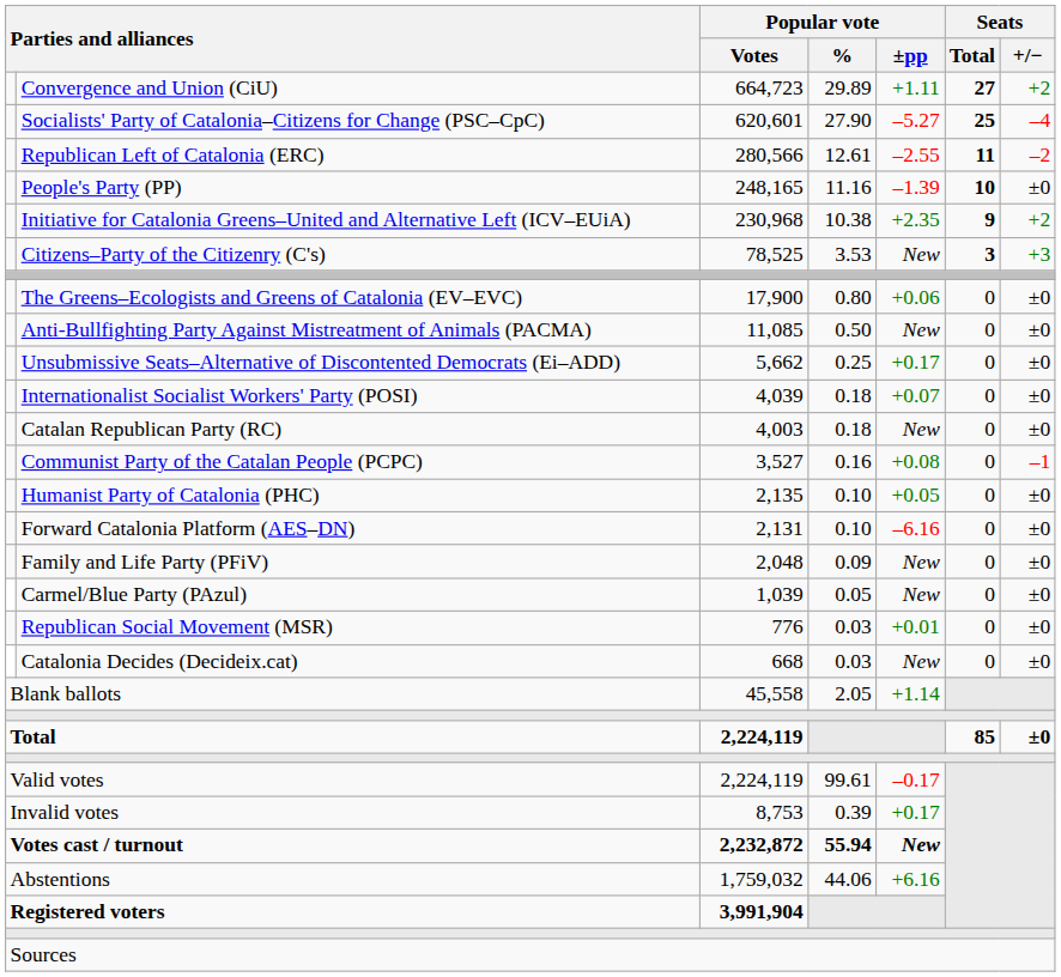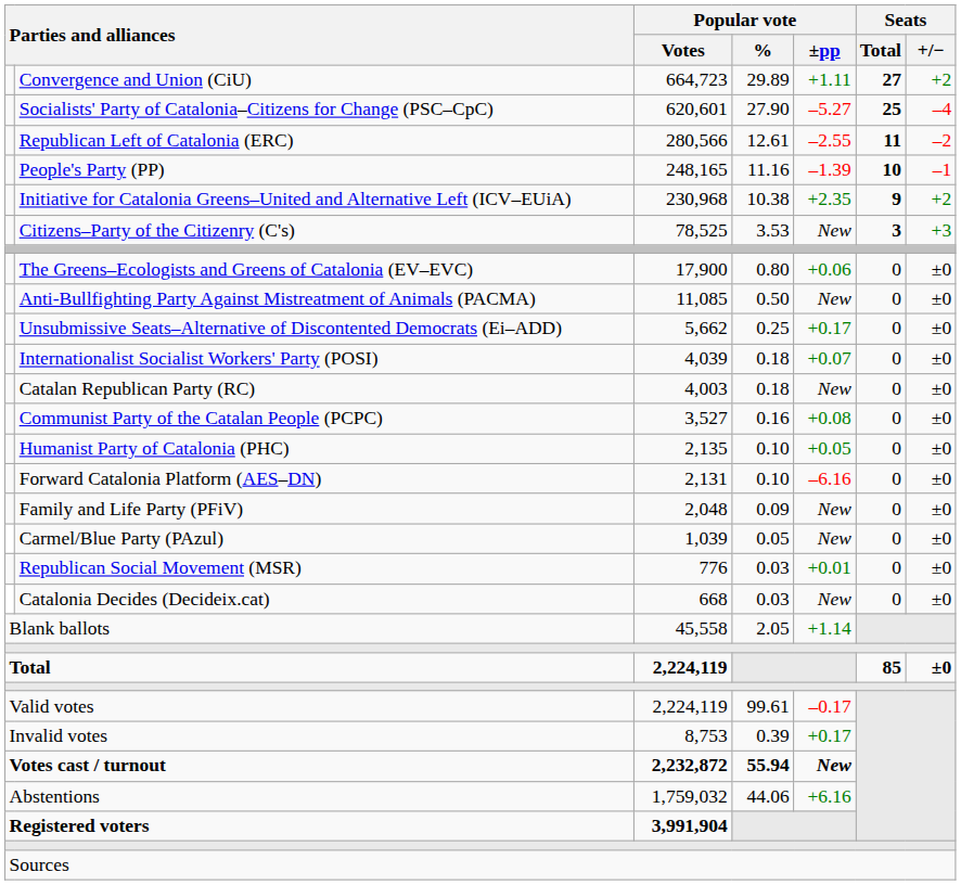 <table class="wikitable" style="text-align:right;">
 <tr>
 <th style="text-align:left;" rowspan="2" colspan="2" width="525">Parties and alliances</th>
 <th colspan="3">Popular vote</th>
 <th colspan="2">Seats</th>
 </tr>
 <tr>
 <th width="75">Votes</th>
 <th width="45">%</th>
 <th width="45">±<a href='#'>pp</a></th>
 <th width="35">Total</th>
 <th width="35">+/−</th>
 </tr>
 <tr>
 <td width="1" style="color:inherit;background:"></td>
 <td align="left"><a href='#'>Convergence and Union</a> (CiU)</td>
 <td>664,723</td>
 <td>29.89</td>
 <td style="color:green;">+1.11</td>
 <td><strong>27</strong></td>
 <td style="color:green;">+2</td>
 </tr>
 <tr>
 <td style="color:inherit;background:"></td>
 <td align="left"><a href='#'>Socialists' Party of Catalonia</a>–<a href='#'>Citizens for Change</a> (PSC–CpC)</td>
 <td>620,601</td>
 <td>27.90</td>
 <td style="color:red;">–5.27</td>
 <td><strong>25</strong></td>
 <td style="color:red;">–4</td>
 </tr>
 <tr>
 <td style="color:inherit;background:"></td>
 <td align="left"><a href='#'>Republican Left of Catalonia</a> (ERC)</td>
 <td>280,566</td>
 <td>12.61</td>
 <td style="color:red;">–2.55</td>
 <td><strong>11</strong></td>
 <td style="color:red;">–2</td>
 </tr>
 <tr>
 <td style="color:inherit;background:"></td>
 <td align="left"><a href='#'>People's Party</a> (PP)</td>
 <td>248,165</td>
 <td>11.16</td>
 <td style="color:red;">–1.39</td>
 <td><strong>10</strong></td>
-<td>±0</td>
+<td style="color:red;">–1</td>
 </tr>
 <tr>
 <td style="color:inherit;background:"></td>
 <td align="left"><a href='#'>Initiative for Catalonia Greens–United and Alternative Left</a> (ICV–EUiA)</td>
 <td>230,968</td>
 <td>10.38</td>
 <td style="color:green;">+2.35</td>
 <td><strong>9</strong></td>
 <td style="color:green;">+2</td>
 </tr>
 <tr>
 <td style="color:inherit;background:"></td>
 <td align="left"><a href='#'>Citizens–Party of the Citizenry</a> (C's)</td>
 <td>78,525</td>
 <td>3.53</td>
 <td><em>New</em></td>
 <td><strong>3</strong></td>
 <td style="color:green;">+3</td>
 </tr>
 <tr>
 <td colspan="7" bgcolor="#C0C0C0"></td>
 </tr>
 <tr>
 <td style="color:inherit;background:"></td>
 <td align="left"><a href='#'>The Greens–Ecologists and Greens of Catalonia</a> (EV–EVC)</td>
 <td>17,900</td>
 <td>0.80</td>
 <td style="color:green;">+0.06</td>
 <td>0</td>
 <td>±0</td>
 </tr>
 <tr>
 <td style="color:inherit;background:"></td>
 <td align="left"><a href='#'>Anti-Bullfighting Party Against Mistreatment of Animals</a> (PACMA)</td>
 <td>11,085</td>
 <td>0.50</td>
 <td><em>New</em></td>
 <td>0</td>
 <td>±0</td>
 </tr>
 <tr>
 <td style="color:inherit;background:"></td>
 <td align="left"><a href='#'>Unsubmissive Seats–Alternative of Discontented Democrats</a> (Ei–ADD)</td>
 <td>5,662</td>
 <td>0.25</td>
 <td style="color:green;">+0.17</td>
 <td>0</td>
 <td>±0</td>
 </tr>
 <tr>
 <td style="color:inherit;background:"></td>
 <td align="left"><a href='#'>Internationalist Socialist Workers' Party</a> (POSI)</td>
 <td>4,039</td>
 <td>0.18</td>
 <td style="color:green;">+0.07</td>
 <td>0</td>
 <td>±0</td>
 </tr>
 <tr>
 <td style="color:inherit;background:"></td>
 <td align="left">Catalan Republican Party (RC)</td>
 <td>4,003</td>
 <td>0.18</td>
 <td><em>New</em></td>
 <td>0</td>
 <td>±0</td>
 </tr>
 <tr>
 <td style="color:inherit;background:"></td>
 <td align="left"><a href='#'>Communist Party of the Catalan People</a> (PCPC)</td>
 <td>3,527</td>
 <td>0.16</td>
 <td style="color:green;">+0.08</td>
 <td>0</td>
-<td style="color:red;">–1</td>
+<td>±0</td>
 </tr>
 <tr>
 <td style="color:inherit;background:"></td>
 <td align="left"><a href='#'>Humanist Party of Catalonia</a> (PHC)</td>
 <td>2,135</td>
 <td>0.10</td>
 <td style="color:green;">+0.05</td>
 <td>0</td>
 <td>±0</td>
 </tr>
 <tr>
 <td style="color:inherit;background:"></td>
 <td align="left">Forward Catalonia Platform (<a href='#'>AES</a>–<a href='#'>DN</a>)</td>
 <td>2,131</td>
 <td>0.10</td>
 <td style="color:red;">–6.16</td>
 <td>0</td>
 <td>±0</td>
 </tr>
 <tr>
 <td style="color:inherit;background:"></td>
 <td align="left">Family and Life Party (PFiV)</td>
 <td>2,048</td>
 <td>0.09</td>
 <td><em>New</em></td>
 <td>0</td>
 <td>±0</td>
 </tr>
 <tr>
 <td bgcolor="white"></td>
 <td align="left">Carmel/Blue Party (PAzul)</td>
 <td>1,039</td>
 <td>0.05</td>
 <td><em>New</em></td>
 <td>0</td>
 <td>±0</td>
 </tr>
 <tr>
 <td style="color:inherit;background:"></td>
 <td align="left"><a href='#'>Republican Social Movement</a> (MSR)</td>
 <td>776</td>
 <td>0.03</td>
 <td style="color:green;">+0.01</td>
 <td>0</td>
 <td>±0</td>
 </tr>
 <tr>
 <td bgcolor="white"></td>
 <td align="left">Catalonia Decides (Decideix.cat)</td>
 <td>668</td>
 <td>0.03</td>
 <td><em>New</em></td>
 <td>0</td>
 <td>±0</td>
 </tr>
 <tr>
 <td align="left" colspan="2">Blank ballots</td>
 <td>45,558</td>
 <td>2.05</td>
 <td style="color:green;">+1.14</td>
 <td bgcolor="#E9E9E9" colspan="2"></td>
 </tr>
 <tr>
 <td colspan="7" bgcolor="#E9E9E9"></td>
 </tr>
 <tr style="font-weight:bold;">
 <td align="left" colspan="2">Total</td>
 <td>2,224,119</td>
 <td bgcolor="#E9E9E9" colspan="2"></td>
 <td>85</td>
 <td>±0</td>
 </tr>
 <tr>
 <td colspan="7" bgcolor="#E9E9E9"></td>
 </tr>
 <tr>
 <td align="left" colspan="2">Valid votes</td>
 <td>2,224,119</td>
 <td>99.61</td>
 <td style="color:red;">–0.17</td>
 <td bgcolor="#E9E9E9" colspan="2" rowspan="5"></td>
 </tr>
 <tr>
 <td align="left" colspan="2">Invalid votes</td>
 <td>8,753</td>
 <td>0.39</td>
 <td style="color:green;">+0.17</td>
 </tr>
 <tr style="font-weight:bold;">
 <td align="left" colspan="2">Votes cast / turnout</td>
 <td>2,232,872</td>
 <td>55.94</td>
 <td><em>New</em></td>
 </tr>
 <tr>
 <td align="left" colspan="2">Abstentions</td>
 <td>1,759,032</td>
 <td>44.06</td>
 <td style="color:green;">+6.16</td>
 </tr>
 <tr style="font-weight:bold;">
 <td align="left" colspan="2">Registered voters</td>
 <td>3,991,904</td>
 <td bgcolor="#E9E9E9" colspan="2"></td>
 </tr>
 <tr>
 <td colspan="7" bgcolor="#E9E9E9"></td>
 </tr>
 <tr>
 <td align="left" colspan="7">Sources</td>
 </tr>
 </table>
